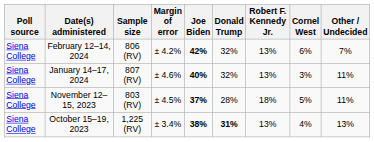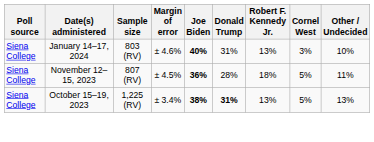 <table class="wikitable sortable mw-datatable" style="font-size:90%;text-align:center;line-height:17px">
 <tr valign=bottom>
 <th>Poll source</th>
 <th>Date(s)<br>administered</th>
 <th>Sample<br>size</th>
 <th>Margin<br>of error</th>
 <th class="unsortable">Joe<br>Biden<br></th>
 <th class="unsortable">Donald<br>Trump<br></th>
 <th class="unsortable">Robert F.<br>Kennedy Jr.<br></th>
 <th class="unsortable">Cornel<br>West<br></th>
 <th class="unsortable">Other /<br>Undecided</th>
 </tr>
 <tr>
 <td style="text-align:left;"><a href='#'>Siena College</a></td>
-<td data-sort-value="2024-02-20">February 12–14, 2024</td>
-<td>806 (RV)</td>
-<td>± 4.2%</td>
-<td style="color:black;background-color:"><strong>42%</strong></td>
-<td>32%</td>
-<td>13%</td>
-<td>6%</td>
-<td>7%</td>
-</tr>
-<tr>
-<td style="text-align:left;"><a href='#'>Siena College</a></td>
 <td data-sort-value="2024-01-22">January 14–17, 2024</td>
-<td>807 (RV)</td>
+<td>803 (RV)</td>
 <td>± 4.6%</td>
 <td style="color:black;background-color:"><strong>40%</strong></td>
-<td>32%</td>
+<td>31%</td>
 <td>13%</td>
 <td>3%</td>
-<td>11%</td>
+<td>10%</td>
 </tr>
 <tr>
 <td style="text-align:left;"><a href='#'>Siena College</a></td>
 <td data-sort-value="2023-10-19">November 12–15, 2023</td>
-<td>803 (RV)</td>
+<td>807 (RV)</td>
 <td>± 4.5%</td>
-<td style="color:black;background-color:"><strong>37%</strong></td>
+<td style="color:black;background-color:"><strong>36%</strong></td>
 <td>28%</td>
 <td>18%</td>
 <td>5%</td>
 <td>11%</td>
 </tr>
 <tr>
 <td style="text-align:left;"><a href='#'>Siena College</a></td>
 <td data-sort-value="2023-10-19">October 15–19, 2023</td>
 <td>1,225 (RV)</td>
 <td>± 3.4%</td>
 <td style="color:black;background-color:"><strong>38%</strong></td>
 <td><strong>31%</strong></td>
 <td>13%</td>
-<td>4%</td>
+<td>5%</td>
 <td>13%</td>
 </tr>
 </table>
